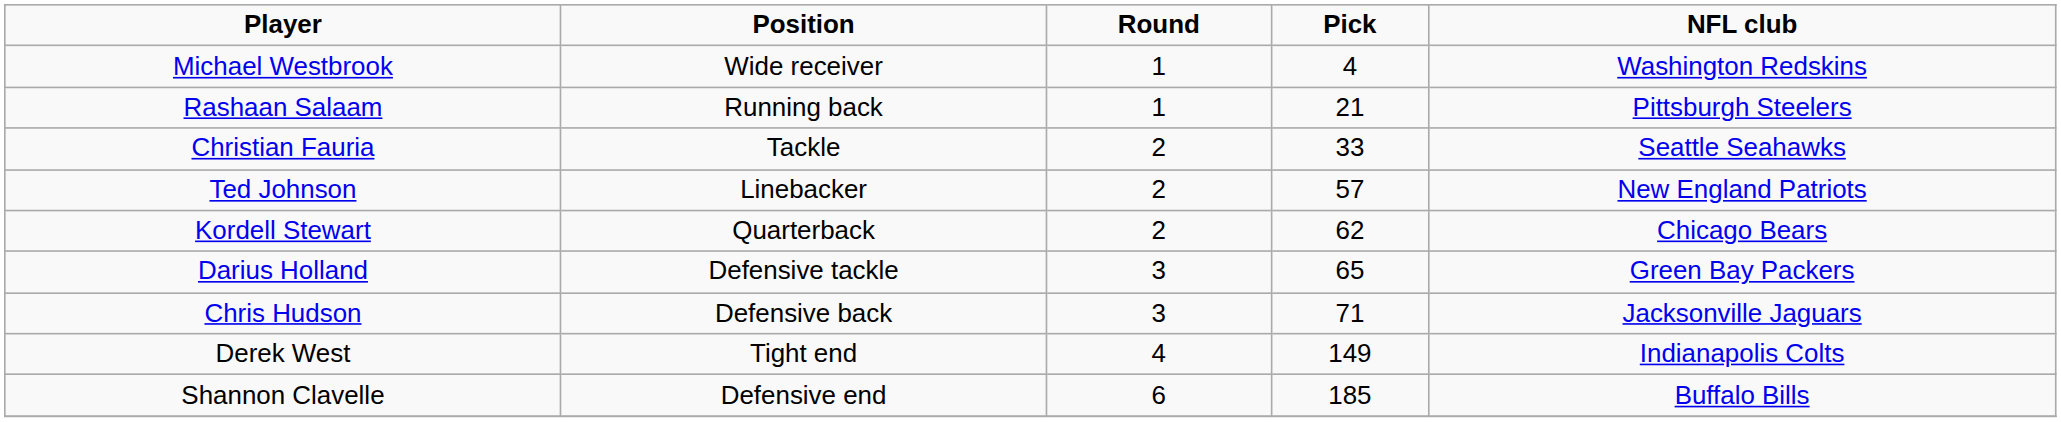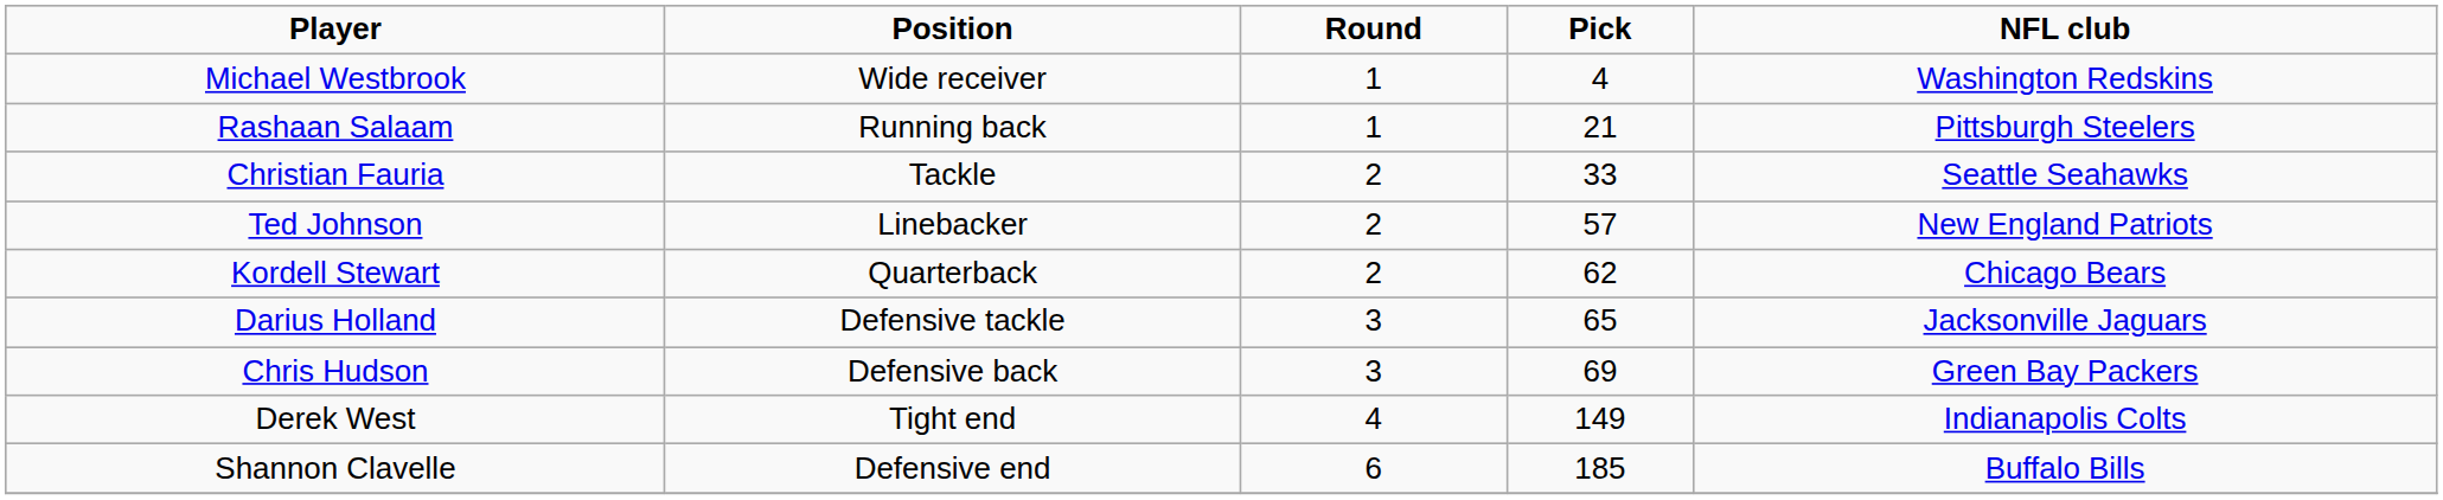 <table class="wikitable" width="80%">
 <tr align="center">
 <td><strong>Player</strong></td>
 <td><strong>Position</strong></td>
 <td><strong>Round</strong></td>
 <td><strong>Pick</strong></td>
 <td><strong>NFL club</strong></td>
 </tr>
 <tr align="center" bgcolor="">
 <td><a href='#'>Michael Westbrook</a></td>
 <td>Wide receiver</td>
 <td>1</td>
 <td>4</td>
 <td><a href='#'>Washington Redskins</a></td>
 </tr>
 <tr align="center" bgcolor="">
 <td><a href='#'>Rashaan Salaam</a></td>
 <td>Running back</td>
 <td>1</td>
 <td>21</td>
 <td><a href='#'>Pittsburgh Steelers</a></td>
 </tr>
 <tr align="center" bgcolor="">
 <td><a href='#'>Christian Fauria</a></td>
 <td>Tackle</td>
 <td>2</td>
 <td>33</td>
 <td><a href='#'>Seattle Seahawks</a></td>
 </tr>
 <tr align="center" bgcolor="">
 <td><a href='#'>Ted Johnson</a></td>
 <td>Linebacker</td>
 <td>2</td>
 <td>57</td>
 <td><a href='#'>New England Patriots</a></td>
 </tr>
 <tr align="center" bgcolor="">
 <td><a href='#'>Kordell Stewart</a></td>
 <td>Quarterback</td>
 <td>2</td>
 <td>62</td>
 <td><a href='#'>Chicago Bears</a></td>
 </tr>
 <tr align="center" bgcolor="">
 <td><a href='#'>Darius Holland</a></td>
 <td>Defensive tackle</td>
 <td>3</td>
 <td>65</td>
-<td><a href='#'>Green Bay Packers</a></td>
+<td><a href='#'>Jacksonville Jaguars</a></td>
 </tr>
 <tr align="center" bgcolor="">
 <td><a href='#'>Chris Hudson</a></td>
 <td>Defensive back</td>
 <td>3</td>
-<td>71</td>
-<td><a href='#'>Jacksonville Jaguars</a></td>
+<td>69</td>
+<td><a href='#'>Green Bay Packers</a></td>
 </tr>
 <tr align="center" bgcolor="">
 <td>Derek West</td>
 <td>Tight end</td>
 <td>4</td>
 <td>149</td>
 <td><a href='#'>Indianapolis Colts</a></td>
 </tr>
 <tr align="center" bgcolor="">
 <td>Shannon Clavelle</td>
 <td>Defensive end</td>
 <td>6</td>
 <td>185</td>
 <td><a href='#'>Buffalo Bills</a></td>
 </tr>
 <tr align="center" bgcolor="">
 </tr>
 </table>
